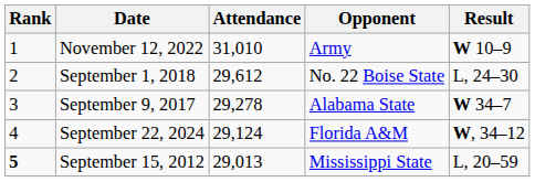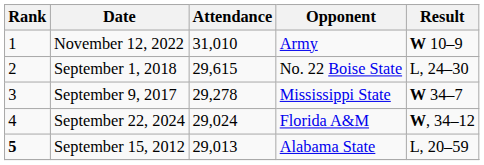 <table class="wikitable">
 <tr>
 <th>Rank</th>
 <th>Date</th>
 <th>Attendance</th>
 <th>Opponent</th>
 <th>Result</th>
 </tr>
 <tr>
 <td>1</td>
 <td>November 12, 2022</td>
 <td>31,010</td>
 <td><a href='#'>Army</a></td>
 <td><strong>W</strong> 10–9</td>
 </tr>
 <tr>
 <td>2</td>
 <td>September 1, 2018</td>
-<td>29,612</td>
+<td>29,615</td>
 <td>No. 22 <a href='#'>Boise State</a></td>
 <td>L, 24–30</td>
 </tr>
 <tr>
 <td>3</td>
 <td>September 9, 2017</td>
 <td>29,278</td>
-<td><a href='#'>Alabama State</a></td>
+<td><a href='#'>Mississippi State</a></td>
 <td><strong>W</strong> 34–7</td>
 </tr>
 <tr>
 <td>4</td>
 <td>September 22, 2024</td>
-<td>29,124</td>
+<td>29,024</td>
 <td><a href='#'>Florida A&M</a></td>
 <td><strong>W</strong>, 34–12</td>
 </tr>
 <tr>
 <td><strong>5</strong></td>
 <td>September 15, 2012</td>
 <td>29,013</td>
-<td><a href='#'>Mississippi State</a></td>
+<td><a href='#'>Alabama State</a></td>
 <td>L, 20–59</td>
 </tr>
 <tr>
 </tr>
 </table>
